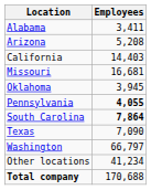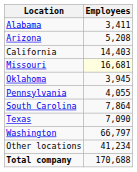 <table class="wikitable sortable">
 <tr>
 <th scope="col">Location</th>
 <th scope="col">Employees</th>
 </tr>
 <tr>
 <td><a href='#'>Alabama</a></td>
 <td style="text-align: right;">3,411</td>
 </tr>
 <tr>
 <td><a href='#'>Arizona</a></td>
 <td style="text-align: right;">5,208</td>
 </tr>
 <tr>
 <td>California</td>
 <td style="text-align: right;">14,403</td>
 </tr>
 <tr>
 <td><a href='#'>Missouri</a></td>
-<td style="text-align: right;">16,681</td>
+<td style="background: lightyellow; text-align: right;">16,681</td>
 </tr>
 <tr>
 <td><a href='#'>Oklahoma</a></td>
 <td style="text-align: right;">3,945</td>
 </tr>
 <tr>
 <td><a href='#'>Pennsylvania</a></td>
-<td style="text-align: right;"><strong>4,055</strong></td>
+<td style="text-align: right;">4,055</td>
 </tr>
 <tr>
 <td><a href='#'>South Carolina</a></td>
-<td style="text-align: right;"><strong>7,864</strong></td>
+<td style="text-align: right;">7,864</td>
 </tr>
 <tr>
 <td><a href='#'>Texas</a></td>
 <td style="text-align: right;">7,090</td>
 </tr>
 <tr>
 <td><a href='#'>Washington</a></td>
 <td style="text-align: right;">66,797</td>
 </tr>
 <tr>
 <td>Other locations</td>
 <td style="text-align: right;">41,234</td>
 </tr>
 <tr>
 <td><strong>Total company</strong></td>
 <td style="text-align: right;">170,688</td>
 </tr>
 </table>
